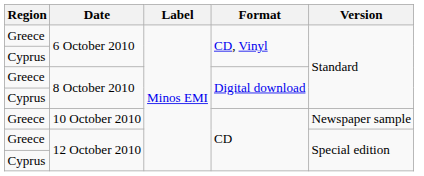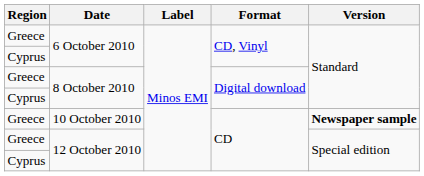 <table class="sortable wikitable">
 <tr>
 <th>Region</th>
 <th>Date</th>
 <th>Label</th>
 <th>Format</th>
 <th>Version</th>
 </tr>
 <tr>
 <td>Greece</td>
 <td rowspan="2">6 October 2010</td>
 <td rowspan="7"><a href='#'>Minos EMI</a></td>
 <td rowspan="2"><a href='#'>CD</a>, <a href='#'>Vinyl</a></td>
 <td rowspan="4">Standard</td>
 </tr>
 <tr>
 <td>Cyprus</td>
 </tr>
 <tr>
 <td>Greece</td>
 <td rowspan="2">8 October 2010</td>
 <td rowspan="2"><a href='#'>Digital download</a></td>
 </tr>
 <tr>
 <td>Cyprus</td>
 </tr>
 <tr>
 <td>Greece</td>
 <td>10 October 2010</td>
 <td rowspan="3">CD</td>
-<td>Newspaper sample</td>
+<td><strong>Newspaper sample</strong></td>
 </tr>
 <tr>
 <td>Greece</td>
 <td rowspan="2">12 October 2010</td>
 <td rowspan="2">Special edition</td>
 </tr>
 <tr>
 <td>Cyprus</td>
 </tr>
 </table>
